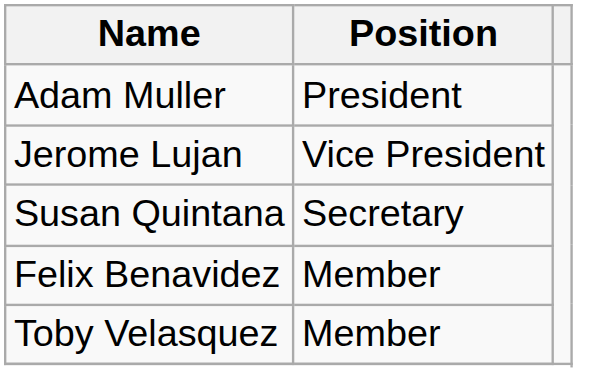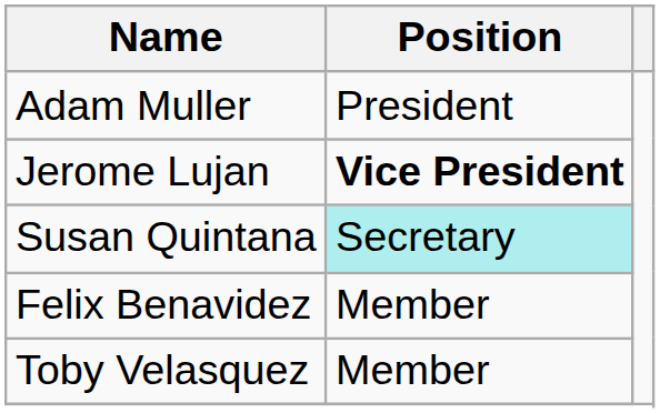 <table class="wikitable">
 <tr>
 <th>Name</th>
 <th>Position</th>
 <th></th>
 </tr>
 <tr valign="bottom">
 <td>Adam Muller</td>
 <td>President</td>
 </tr>
 <tr>
 <td>Jerome Lujan</td>
-<td>Vice President</td>
+<td><strong>Vice President</strong></td>
 </tr>
 <tr>
 <td>Susan Quintana</td>
-<td>Secretary</td>
+<td style="background: paleturquoise;">Secretary</td>
 </tr>
 <tr>
 <td>Felix Benavidez</td>
 <td>Member</td>
 </tr>
 <tr>
 <td>Toby Velasquez</td>
 <td>Member</td>
 </tr>
 <tr>
 </tr>
 </table>
